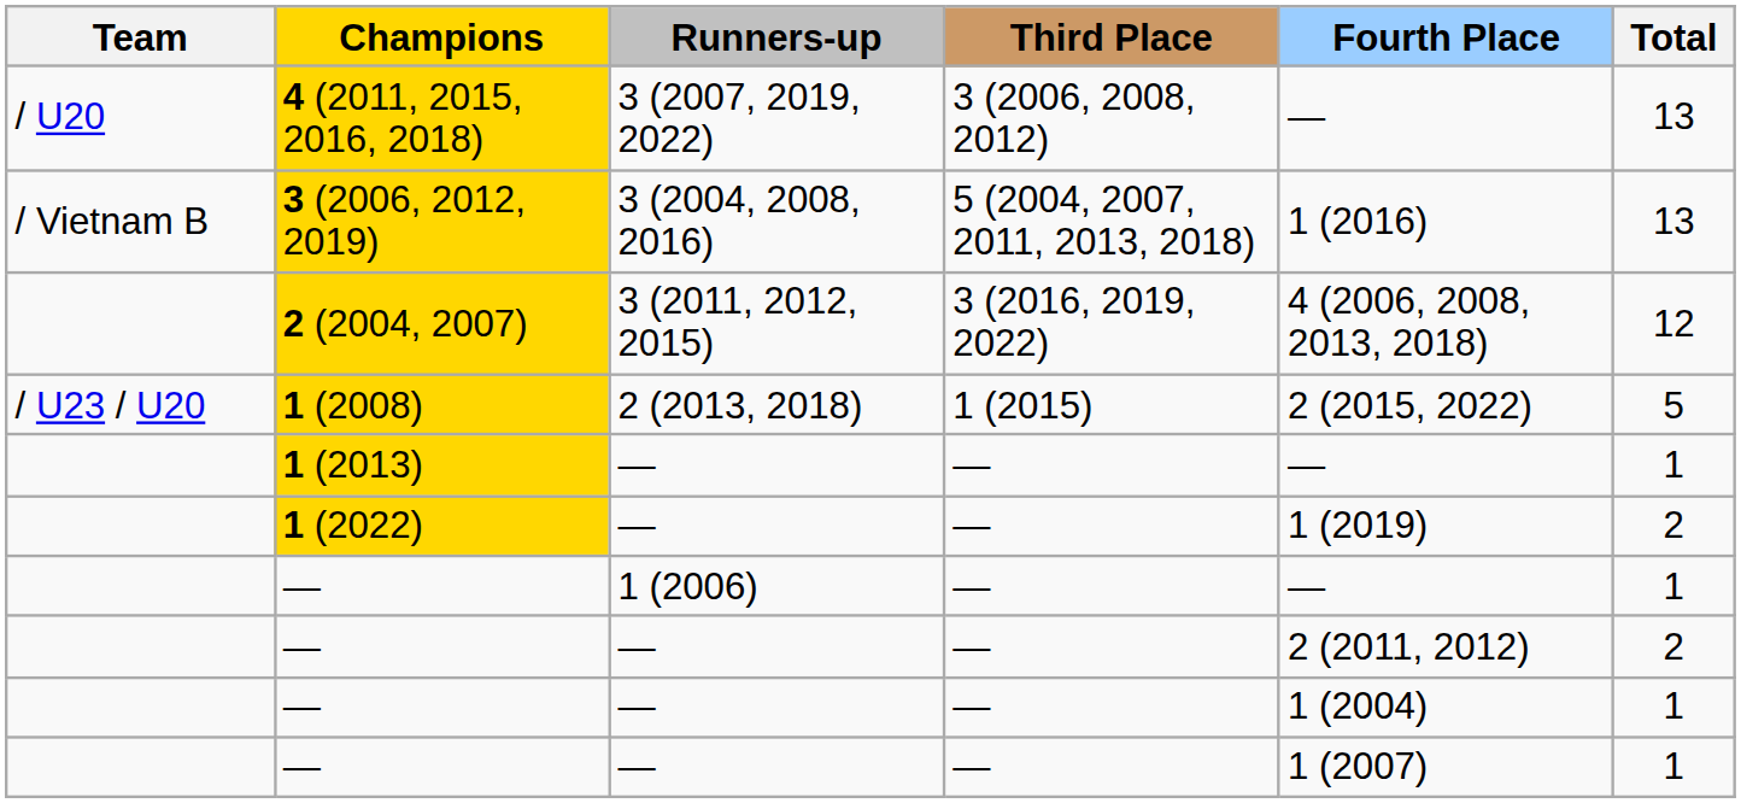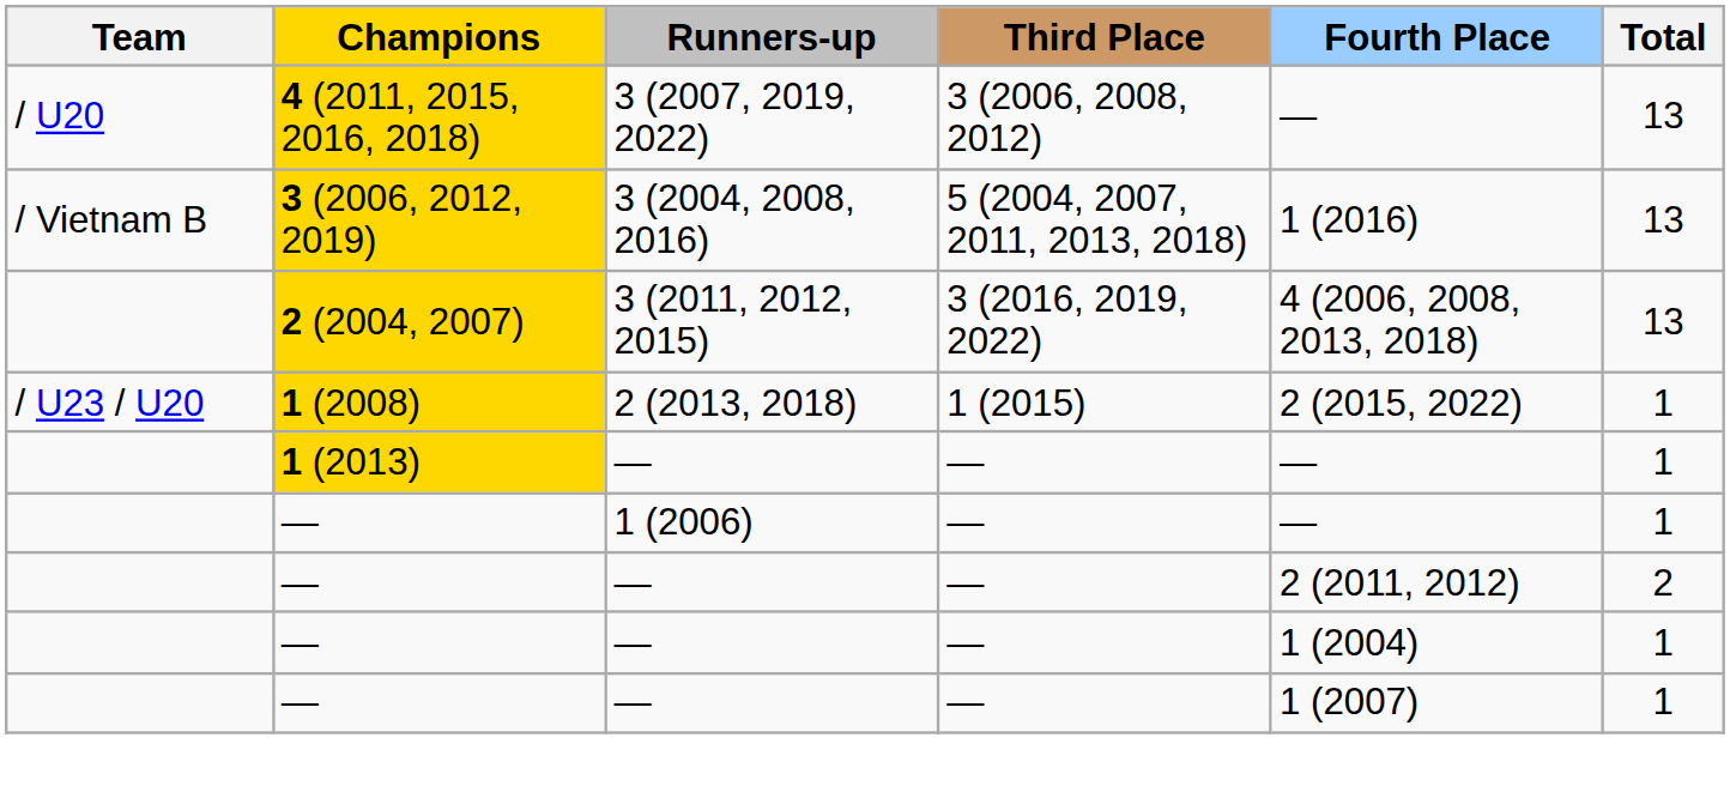 <table class="wikitable" style="font-size: 83%; style="border-collapse:collapse; text-align:left;">
 <tr>
 <th width=12%>Team</th>
 <th width=15% style="background:gold;">Champions</th>
 <th width=15% style="background:silver;">Runners-up</th>
 <th width=15% style="background:#cc9966;">Third Place</th>
 <th width=15% style="background:#9acdff;">Fourth Place</th>
 <th width=3% style="background:">Total</th>
 </tr>
 <tr>
 <td> / <a href='#'>U20</a></td>
 <td style="background:gold;"><strong>4</strong> (2011, 2015, 2016, 2018)</td>
 <td>3 (2007, 2019, 2022)</td>
 <td>3 (2006, 2008, 2012)</td>
 <td>—</td>
 <td align=center>13</td>
 </tr>
 <tr>
 <td> / Vietnam B</td>
 <td style="background:gold;"><strong>3</strong> (2006, 2012, 2019)</td>
 <td>3 (2004, 2008, 2016)</td>
 <td>5 (2004, 2007, 2011, 2013, 2018)</td>
 <td>1 (2016)</td>
 <td align=center>13</td>
 </tr>
 <tr>
 <td></td>
 <td style="background:gold;"><strong>2</strong> (2004, 2007)</td>
 <td>3 (2011, 2012, 2015)</td>
 <td>3 (2016, 2019, 2022)</td>
 <td>4 (2006, 2008, 2013, 2018)</td>
-<td align=center>12</td>
+<td align=center>13</td>
 </tr>
 <tr>
 <td> / <a href='#'>U23</a> / <a href='#'>U20</a></td>
 <td style="background:gold;"><strong>1</strong> (2008)</td>
 <td>2 (2013, 2018)</td>
 <td>1 (2015)</td>
 <td>2 (2015, 2022)</td>
-<td align=center>5</td>
+<td align=center>1</td>
 </tr>
 <tr>
 <td></td>
 <td style="background:gold;"><strong>1</strong> (2013)</td>
 <td>—</td>
 <td>—</td>
 <td>—</td>
 <td align=center>1</td>
-</tr>
-<tr>
-<td></td>
-<td style="background:gold;"><strong>1</strong> (2022)</td>
-<td>—</td>
-<td>—</td>
-<td>1 (2019)</td>
-<td align=center>2</td>
 </tr>
 <tr>
 <td></td>
 <td>—</td>
 <td>1 (2006)</td>
 <td>—</td>
 <td>—</td>
 <td align=center>1</td>
 </tr>
 <tr>
 <td></td>
 <td>—</td>
 <td>—</td>
 <td>—</td>
 <td>2 (2011, 2012)</td>
 <td align=center>2</td>
 </tr>
 <tr>
 <td></td>
 <td>—</td>
 <td>—</td>
 <td>—</td>
 <td>1 (2004)</td>
 <td align=center>1</td>
 </tr>
 <tr>
 <td></td>
 <td>—</td>
 <td>—</td>
 <td>—</td>
 <td>1 (2007)</td>
 <td align=center>1</td>
 </tr>
 </table>
